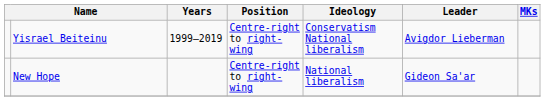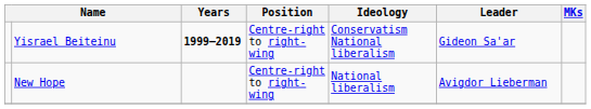 <table class="wikitable" style="font-size:95%;">
 <tr>
 <th colspan="2" style="width:200px">Name</th>
 <th style="width:70px">Years</th>
 <th style="width:90px">Position</th>
 <th style="width:120px">Ideology</th>
 <th style="width:140px">Leader</th>
 <th><a href='#'>MKs</a></th>
 </tr>
 <tr>
 <td style="width:2px;background:"></td>
 <td><a href='#'>Yisrael Beiteinu</a></td>
-<td>1999–2019</td>
+<td><strong>1999–2019</strong></td>
 <td><a href='#'>Centre-right</a> to <a href='#'>right-wing</a></td>
 <td><a href='#'>Conservatism</a><br><a href='#'>National liberalism</a></td>
-<td><a href='#'>Avigdor Lieberman</a></td>
+<td><a href='#'>Gideon Sa'ar</a></td>
 <td></td>
 </tr>
 <tr>
 <td style=background:></td>
 <td><a href='#'>New Hope</a></td>
 <td></td>
 <td><a href='#'>Centre-right</a> to <a href='#'>right-wing</a></td>
 <td><a href='#'>National liberalism</a></td>
-<td><a href='#'>Gideon Sa'ar</a></td>
+<td><a href='#'>Avigdor Lieberman</a></td>
 <td></td>
 </tr>
 <tr>
 </tr>
 </table>
